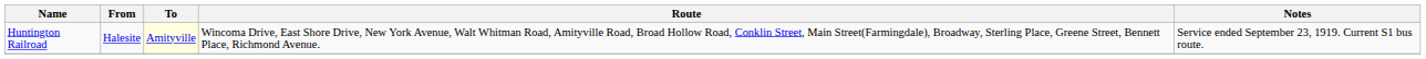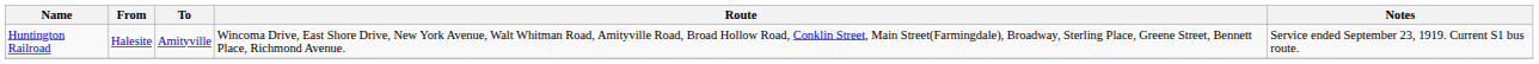 <table class=wikitable>
 <tr>
 <th>Name</th>
 <th>From</th>
 <th>To</th>
 <th>Route</th>
 <th>Notes</th>
 </tr>
 <tr>
 <td><a href='#'>Huntington Railroad</a></td>
 <td><a href='#'>Halesite</a></td>
-<td style="background: lightyellow;"><a href='#'>Amityville</a></td>
+<td><a href='#'>Amityville</a></td>
 <td>Wincoma Drive, East Shore Drive, New York Avenue, Walt Whitman Road, Amityville Road, Broad Hollow Road, <a href='#'>Conklin Street</a>, Main Street(Farmingdale), Broadway, Sterling Place, Greene Street, Bennett Place, Richmond Avenue.</td>
 <td>Service ended September 23, 1919. Current S1 bus route.</td>
 </tr>
 <tr>
 </tr>
 </table>
